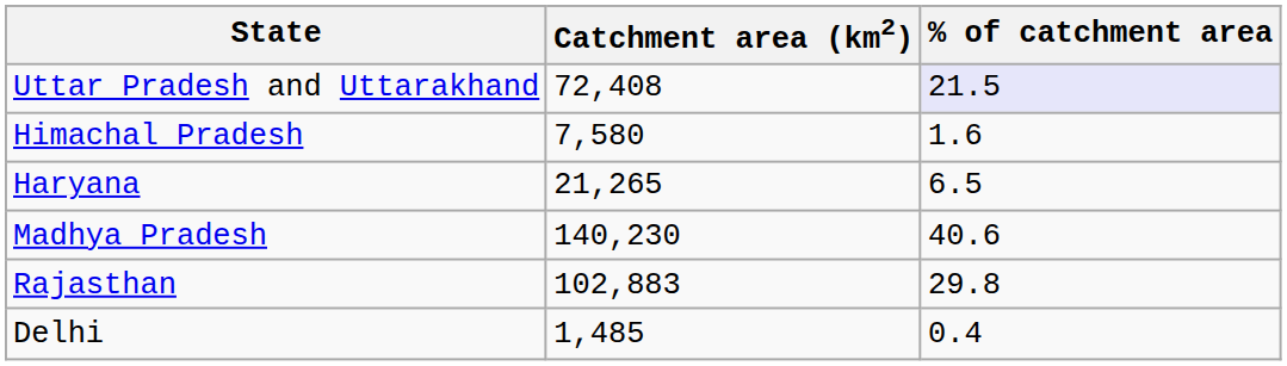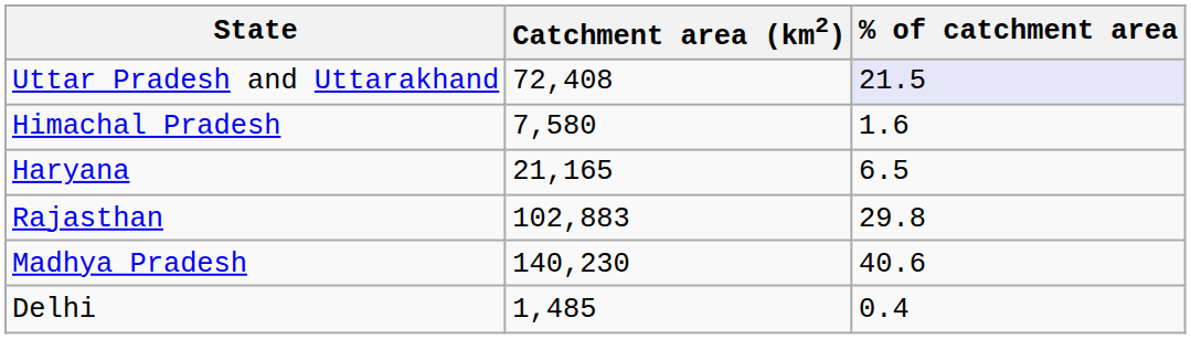 <table class="wikitable sortable ">
 <tr>
 <th>State</th>
 <th>Catchment area (km<sup>2</sup>)</th>
 <th>% of catchment area</th>
 </tr>
 <tr>
 <td><a href='#'>Uttar Pradesh</a> and <a href='#'>Uttarakhand</a></td>
 <td>72,408</td>
 <td style="background: lavender;">21.5</td>
 </tr>
 <tr>
 <td><a href='#'>Himachal Pradesh</a></td>
 <td>7,580</td>
 <td>1.6</td>
 </tr>
 <tr>
 <td><a href='#'>Haryana</a></td>
-<td>21,265</td>
+<td>21,165</td>
 <td>6.5</td>
+</tr>
+<tr>
+<td><a href='#'>Rajasthan</a></td>
+<td>102,883</td>
+<td>29.8</td>
 </tr>
 <tr>
 <td><a href='#'>Madhya Pradesh</a></td>
 <td>140,230</td>
 <td>40.6</td>
 </tr>
 <tr>
-<td><a href='#'>Rajasthan</a></td>
-<td>102,883</td>
-<td>29.8</td>
-</tr>
-<tr>
 <td>Delhi</td>
 <td>1,485</td>
 <td>0.4</td>
 </tr>
 </table>
